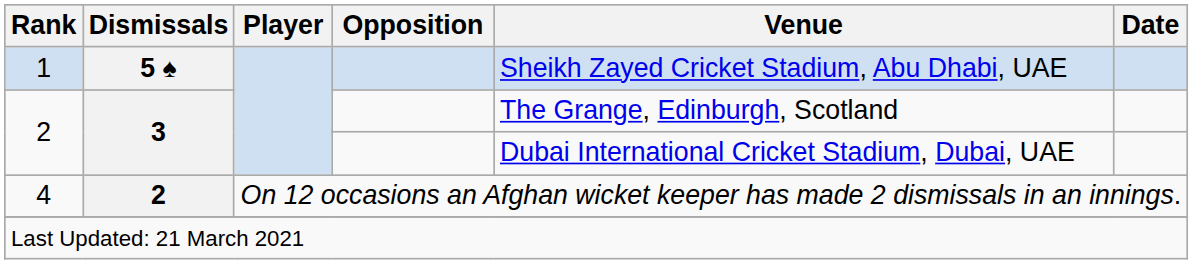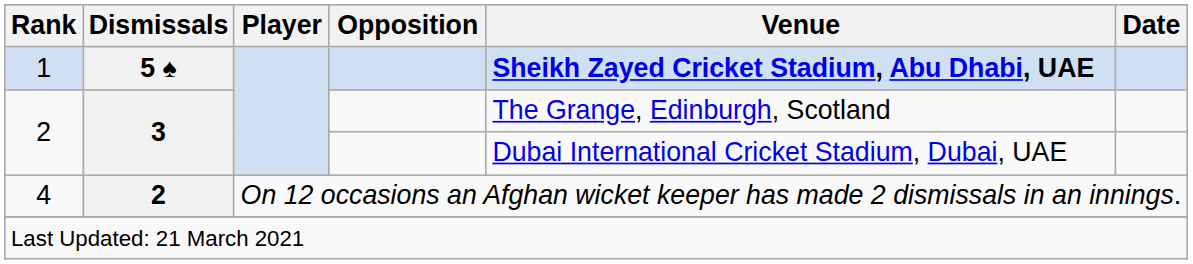 <table class="wikitable plainrowheaders sortable">
 <tr>
 <th scope=col>Rank</th>
 <th scope=col>Dismissals</th>
 <th scope=col>Player</th>
 <th scope=col>Opposition</th>
 <th scope=col>Venue</th>
 <th scope=col>Date</th>
 </tr>
 <tr bgcolor=#cee0f2>
 <td align=center>1</td>
 <th scope=row style=text-align:center;>5 ♠</th>
 <td rowspan=3></td>
 <td></td>
-<td><a href='#'>Sheikh Zayed Cricket Stadium</a>, <a href='#'>Abu Dhabi</a>, UAE</td>
+<td><strong><a href='#'>Sheikh Zayed Cricket Stadium</a>, <a href='#'>Abu Dhabi</a>, UAE</strong></td>
 <td></td>
 </tr>
 <tr>
 <td align=center rowspan=2>2</td>
 <th scope=row style=text-align:center; rowspan=2>3</th>
 <td></td>
 <td><a href='#'>The Grange</a>, <a href='#'>Edinburgh</a>, Scotland</td>
 <td></td>
 </tr>
 <tr>
 <td></td>
 <td><a href='#'>Dubai International Cricket Stadium</a>, <a href='#'>Dubai</a>, UAE</td>
 <td></td>
 </tr>
 <tr>
 <td align=center>4</td>
 <th scope=row style=text-align:center;>2</th>
 <td colspan=4><em>On 12 occasions an Afghan wicket keeper has made 2 dismissals in an innings</em>.</td>
 </tr>
 <tr>
 </tr>
 <tr class=sortbottom>
 <td colspan=6><small>Last Updated: 21 March 2021</small></td>
 </tr>
 </table>
